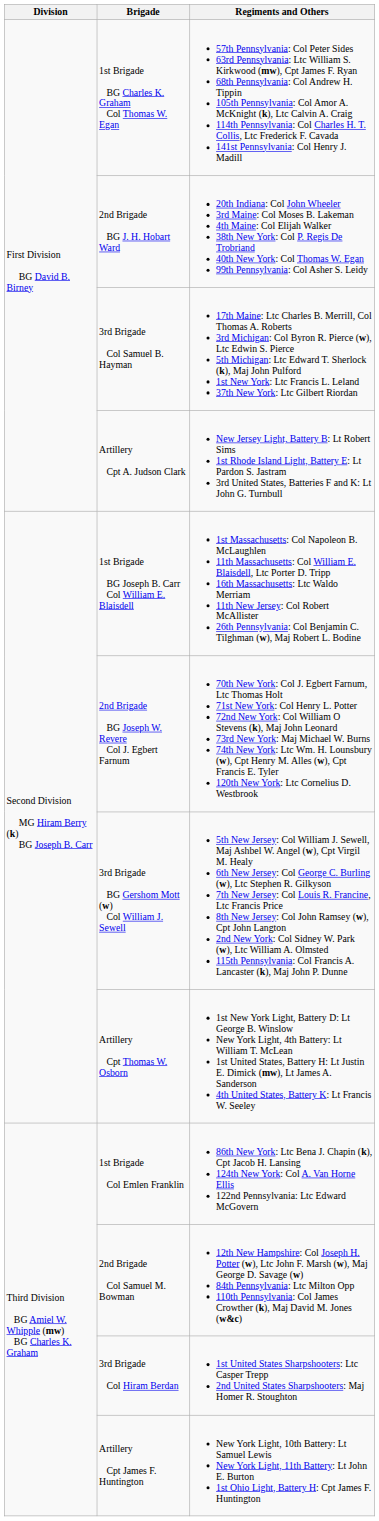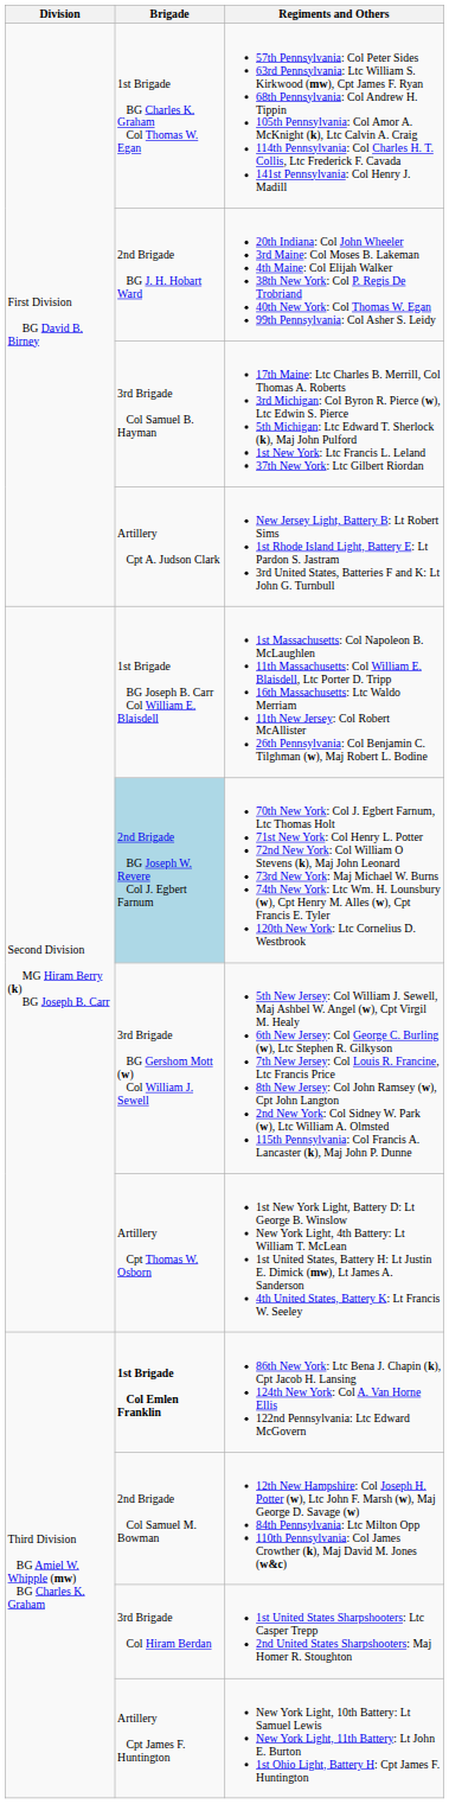 <table class="wikitable">
 <tr>
 <th width=25%>Division</th>
 <th width=25%>Brigade</th>
 <th>Regiments and Others</th>
 </tr>
 <tr>
 <td rowspan=4><br>First Division<br> <br>     BG <a href='#'>David B. Birney</a></td>
 <td>1st Brigade<br><br>   BG <a href='#'>Charles K. Graham</a> <br>   Col <a href='#'>Thomas W. Egan</a></td>
 <td><br><ul><li><a href='#'>57th Pennsylvania</a>: Col Peter Sides</li><li><a href='#'>63rd Pennsylvania</a>: Ltc William S. Kirkwood (<strong>mw</strong>), Cpt James F. Ryan</li><li><a href='#'>68th Pennsylvania</a>: Col Andrew H. Tippin</li><li><a href='#'>105th Pennsylvania</a>: Col Amor A. McKnight (<strong>k</strong>), Ltc Calvin A. Craig</li><li><a href='#'>114th Pennsylvania</a>: Col <a href='#'>Charles H. T. Collis</a>, Ltc Frederick F. Cavada</li><li><a href='#'>141st Pennsylvania</a>: Col Henry J. Madill</li></ul></td>
 </tr>
 <tr>
 <td>2nd Brigade<br><br>   BG <a href='#'>J. H. Hobart Ward</a></td>
 <td><br><ul><li><a href='#'>20th Indiana</a>: Col <a href='#'>John Wheeler</a></li><li><a href='#'>3rd Maine</a>: Col Moses B. Lakeman</li><li><a href='#'>4th Maine</a>: Col Elijah Walker</li><li><a href='#'>38th New York</a>: Col <a href='#'>P. Regis De Trobriand</a></li><li><a href='#'>40th New York</a>: Col <a href='#'>Thomas W. Egan</a></li><li><a href='#'>99th Pennsylvania</a>: Col Asher S. Leidy</li></ul></td>
 </tr>
 <tr>
 <td>3rd Brigade<br><br>   Col Samuel B. Hayman</td>
 <td><br><ul><li><a href='#'>17th Maine</a>: Ltc Charles B. Merrill, Col Thomas A. Roberts</li><li><a href='#'>3rd Michigan</a>: Col Byron R. Pierce (<strong>w</strong>), Ltc Edwin S. Pierce</li><li><a href='#'>5th Michigan</a>: Ltc Edward T. Sherlock (<strong>k</strong>), Maj John Pulford</li><li><a href='#'>1st New York</a>: Ltc Francis L. Leland</li><li><a href='#'>37th New York</a>: Ltc Gilbert Riordan</li></ul></td>
 </tr>
 <tr>
 <td>Artillery<br><br>   Cpt A. Judson Clark</td>
 <td><br><ul><li><a href='#'>New Jersey Light, Battery B</a>: Lt Robert Sims</li><li><a href='#'>1st Rhode Island Light, Battery E</a>: Lt Pardon S. Jastram</li><li>3rd United States, Batteries F and K: Lt John G. Turnbull</li></ul></td>
 </tr>
 <tr>
 <td rowspan=4><br>Second Division<br> <br>     MG <a href='#'>Hiram Berry</a> (<strong>k</strong>) <br>     BG <a href='#'>Joseph B. Carr</a></td>
 <td>1st Brigade<br><br>   BG Joseph B. Carr <br>   Col <a href='#'>William E. Blaisdell</a></td>
 <td><br><ul><li><a href='#'>1st Massachusetts</a>: Col Napoleon B. McLaughlen</li><li><a href='#'>11th Massachusetts</a>: Col <a href='#'>William E. Blaisdell</a>, Ltc Porter D. Tripp</li><li><a href='#'>16th Massachusetts</a>: Ltc Waldo Merriam</li><li><a href='#'>11th New Jersey</a>: Col Robert McAllister</li><li><a href='#'>26th Pennsylvania</a>: Col Benjamin C. Tilghman (<strong>w</strong>), Maj Robert L. Bodine</li></ul></td>
 </tr>
 <tr>
-<td><a href='#'>2nd Brigade</a><br><br>   BG <a href='#'>Joseph W. Revere</a> <br>   Col J. Egbert Farnum</td>
+<td style="background: lightblue;"><a href='#'>2nd Brigade</a><br><br>   BG <a href='#'>Joseph W. Revere</a> <br>   Col J. Egbert Farnum</td>
 <td><br><ul><li><a href='#'>70th New York</a>: Col J. Egbert Farnum, Ltc Thomas Holt</li><li><a href='#'>71st New York</a>: Col Henry L. Potter</li><li><a href='#'>72nd New York</a>: Col William O Stevens (<strong>k</strong>), Maj John Leonard</li><li><a href='#'>73rd New York</a>: Maj Michael W. Burns</li><li><a href='#'>74th New York</a>: Ltc Wm. H. Lounsbury (<strong>w</strong>), Cpt Henry M. Alles (<strong>w</strong>), Cpt Francis E. Tyler</li><li><a href='#'>120th New York</a>: Ltc Cornelius D. Westbrook</li></ul></td>
 </tr>
 <tr>
 <td>3rd Brigade<br><br>   BG <a href='#'>Gershom Mott</a> (<strong>w</strong>) <br>   Col <a href='#'>William J. Sewell</a></td>
 <td><br><ul><li><a href='#'>5th New Jersey</a>: Col William J. Sewell, Maj Ashbel W. Angel (<strong>w</strong>), Cpt Virgil M. Healy</li><li><a href='#'>6th New Jersey</a>: Col <a href='#'>George C. Burling</a> (<strong>w</strong>), Ltc Stephen R. Gilkyson</li><li><a href='#'>7th New Jersey</a>: Col <a href='#'>Louis R. Francine</a>, Ltc Francis Price</li><li><a href='#'>8th New Jersey</a>: Col John Ramsey (<strong>w</strong>), Cpt John Langton</li><li><a href='#'>2nd New York</a>: Col Sidney W. Park (<strong>w</strong>), Ltc William A. Olmsted</li><li><a href='#'>115th Pennsylvania</a>: Col Francis A. Lancaster (<strong>k</strong>), Maj John P. Dunne</li></ul></td>
 </tr>
 <tr>
 <td>Artillery<br><br>   Cpt <a href='#'>Thomas W. Osborn</a></td>
 <td><br><ul><li>1st New York Light, Battery D: Lt George B. Winslow</li><li>New York Light, 4th Battery: Lt William T. McLean</li><li>1st United States, Battery H: Lt Justin E. Dimick (<strong>mw</strong>), Lt James A. Sanderson</li><li><a href='#'>4th United States, Battery K</a>: Lt Francis W. Seeley</li></ul></td>
 </tr>
 <tr>
 <td rowspan=4><br>Third Division<br> <br>   BG <a href='#'>Amiel W. Whipple</a> (<strong>mw</strong>) <br>   BG <a href='#'>Charles K. Graham</a></td>
-<td>1st Brigade<br><br>   Col Emlen Franklin</td>
+<td><strong>1st Brigade<br><br>   Col Emlen Franklin</strong></td>
 <td><br><ul><li><a href='#'>86th New York</a>: Ltc Bena J. Chapin (<strong>k</strong>), Cpt Jacob H. Lansing</li><li><a href='#'>124th New York</a>: Col <a href='#'>A. Van Horne Ellis</a></li><li>122nd Pennsylvania: Ltc Edward McGovern</li></ul></td>
 </tr>
 <tr>
 <td>2nd Brigade<br><br>   Col Samuel M. Bowman</td>
 <td><br><ul><li><a href='#'>12th New Hampshire</a>: Col <a href='#'>Joseph H. Potter</a> (<strong>w</strong>), Ltc John F. Marsh (<strong>w</strong>), Maj George D. Savage (<strong>w</strong>)</li><li><a href='#'>84th Pennsylvania</a>: Ltc Milton Opp</li><li><a href='#'>110th Pennsylvania</a>: Col James Crowther (<strong>k</strong>), Maj David M. Jones (<strong>w&c</strong>)</li></ul></td>
 </tr>
 <tr>
 <td>3rd Brigade<br><br>   Col <a href='#'>Hiram Berdan</a></td>
 <td><br><ul><li><a href='#'>1st United States Sharpshooters</a>: Ltc Casper Trepp</li><li><a href='#'>2nd United States Sharpshooters</a>: Maj Homer R. Stoughton</li></ul></td>
 </tr>
 <tr>
 <td>Artillery<br><br>   Cpt James F. Huntington</td>
 <td><br><ul><li>New York Light, 10th Battery: Lt Samuel Lewis</li><li><a href='#'>New York Light, 11th Battery</a>: Lt John E. Burton</li><li><a href='#'>1st Ohio Light, Battery H</a>: Cpt James F. Huntington</li></ul></td>
 </tr>
 </table>
